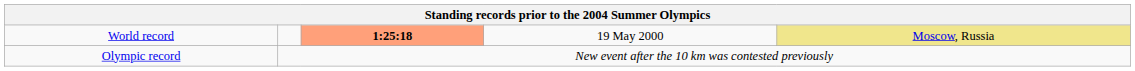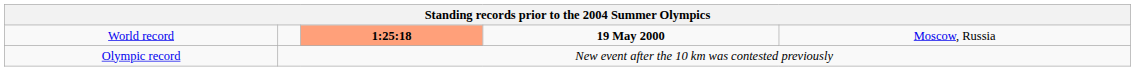 <table class="wikitable" style=" text-align:center; font-size:110%;" width="80%">
 <tr>
 <th colspan="5">Standing records prior to the 2004 Summer Olympics</th>
 </tr>
 <tr>
 <td><a href='#'>World record</a></td>
 <td></td>
 <td style="background: lightsalmon;"><strong>1:25:18</strong></td>
-<td>19 May 2000</td>
-<td style="background: khaki;"> <a href='#'>Moscow</a>, Russia</td>
+<td><strong>19 May 2000</strong></td>
+<td> <a href='#'>Moscow</a>, Russia</td>
 </tr>
 <tr>
 <td><a href='#'>Olympic record</a></td>
 <td colspan=4><em>New event after the 10 km was contested previously</em></td>
 </tr>
 </table>
